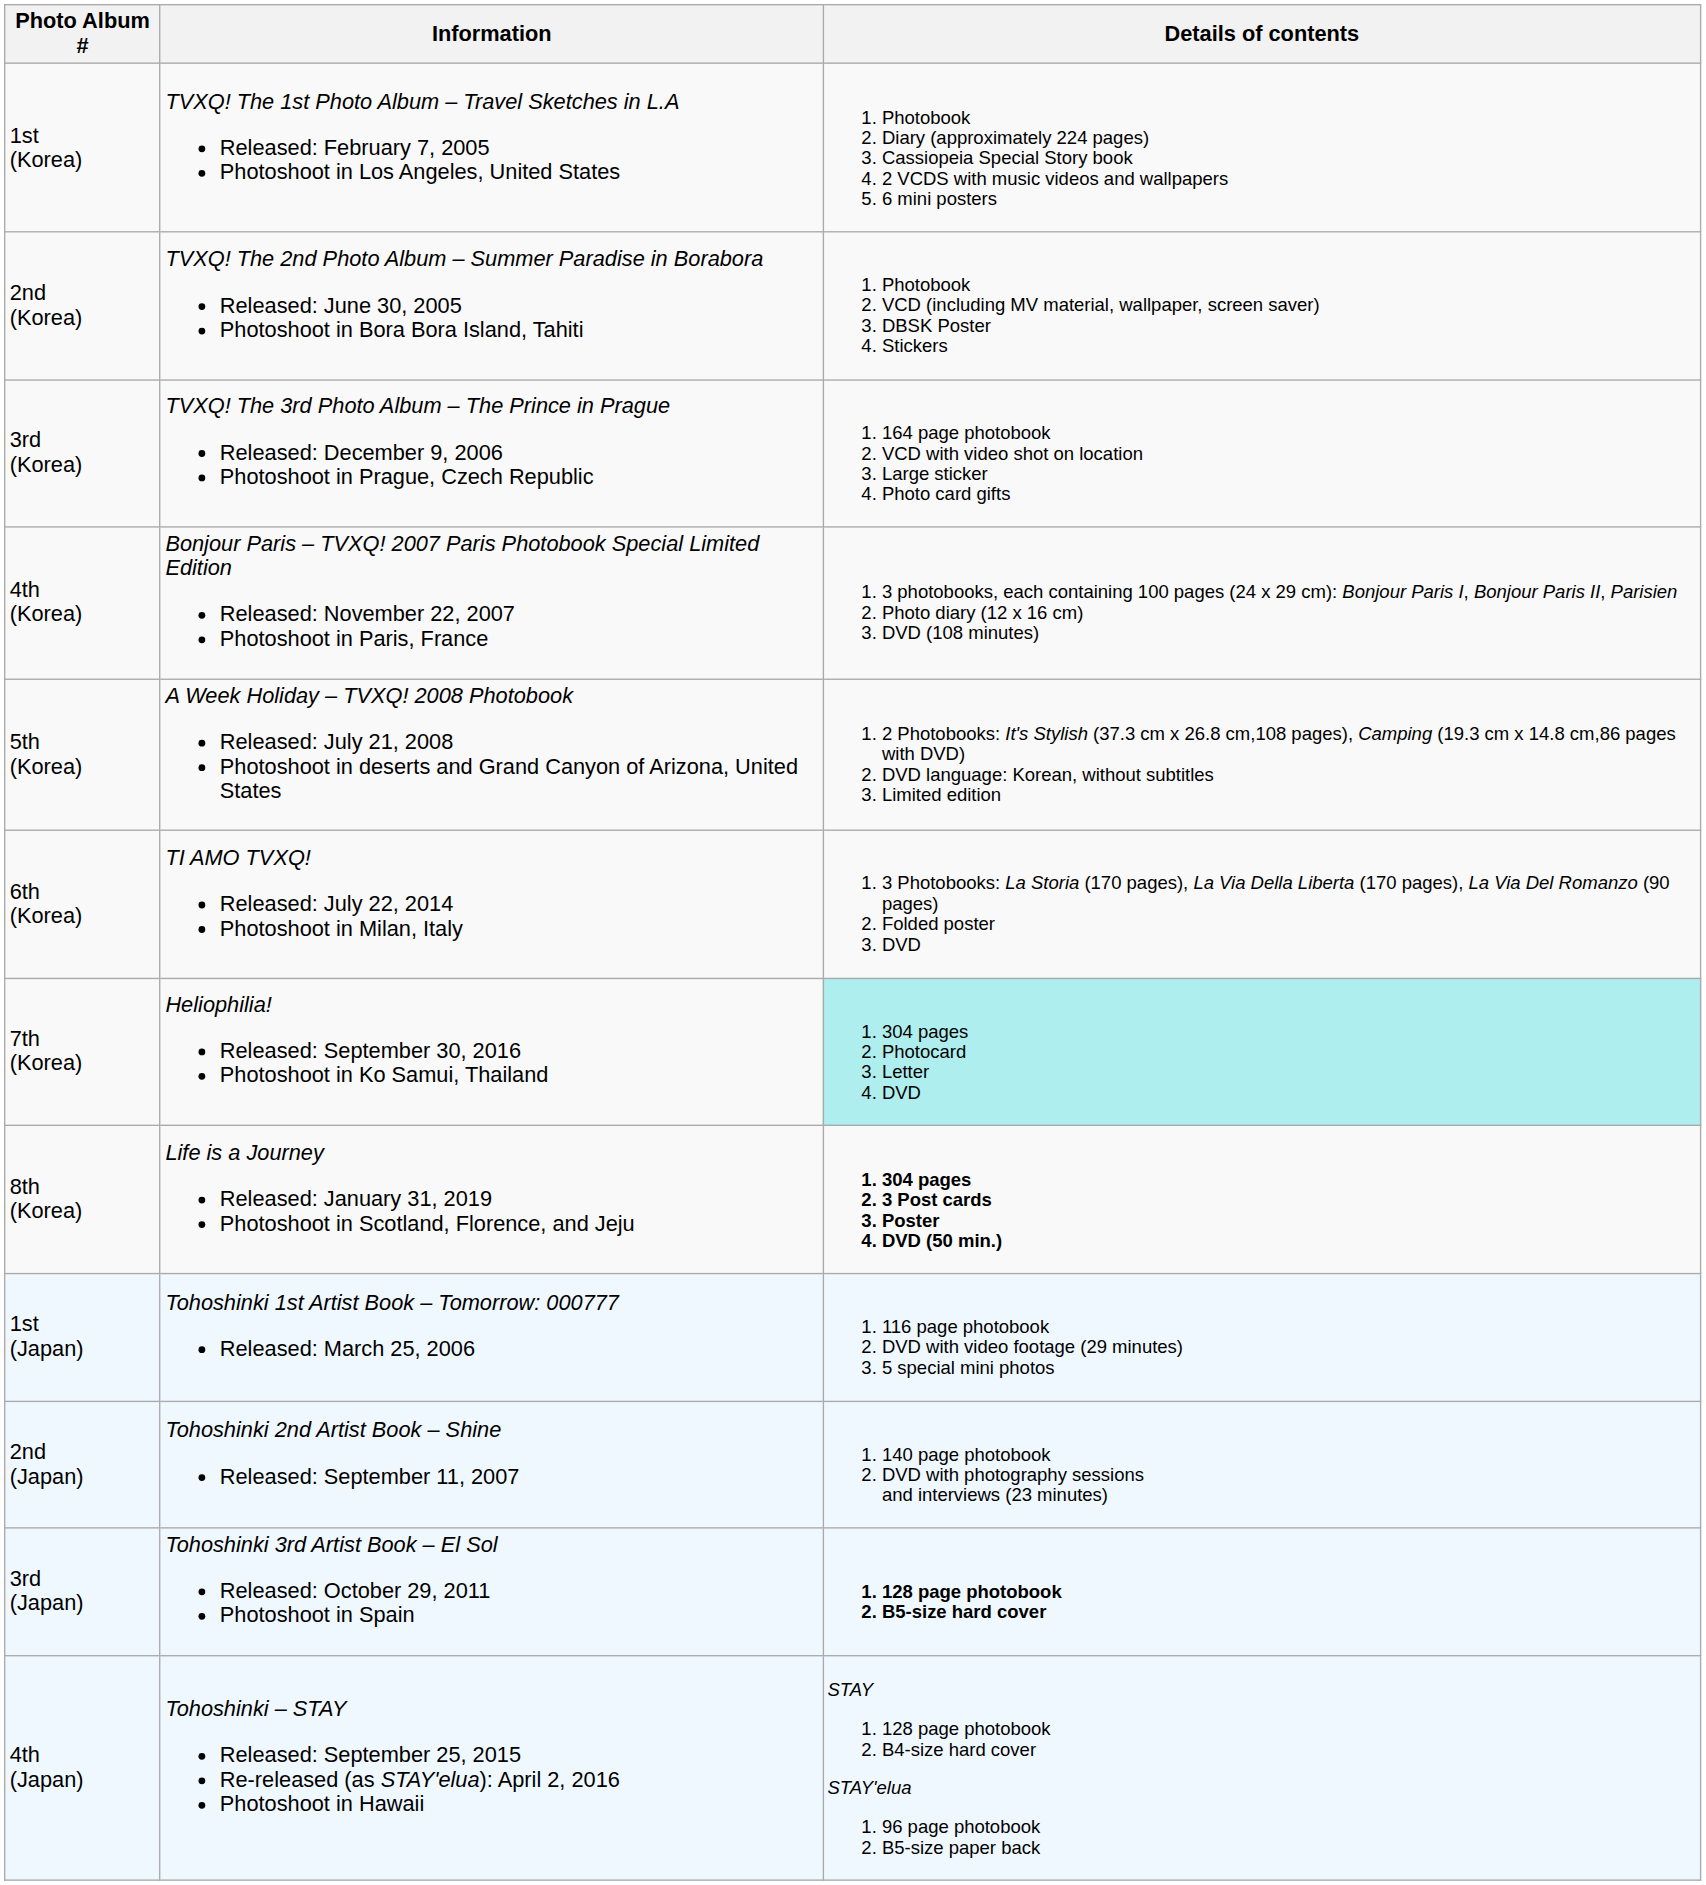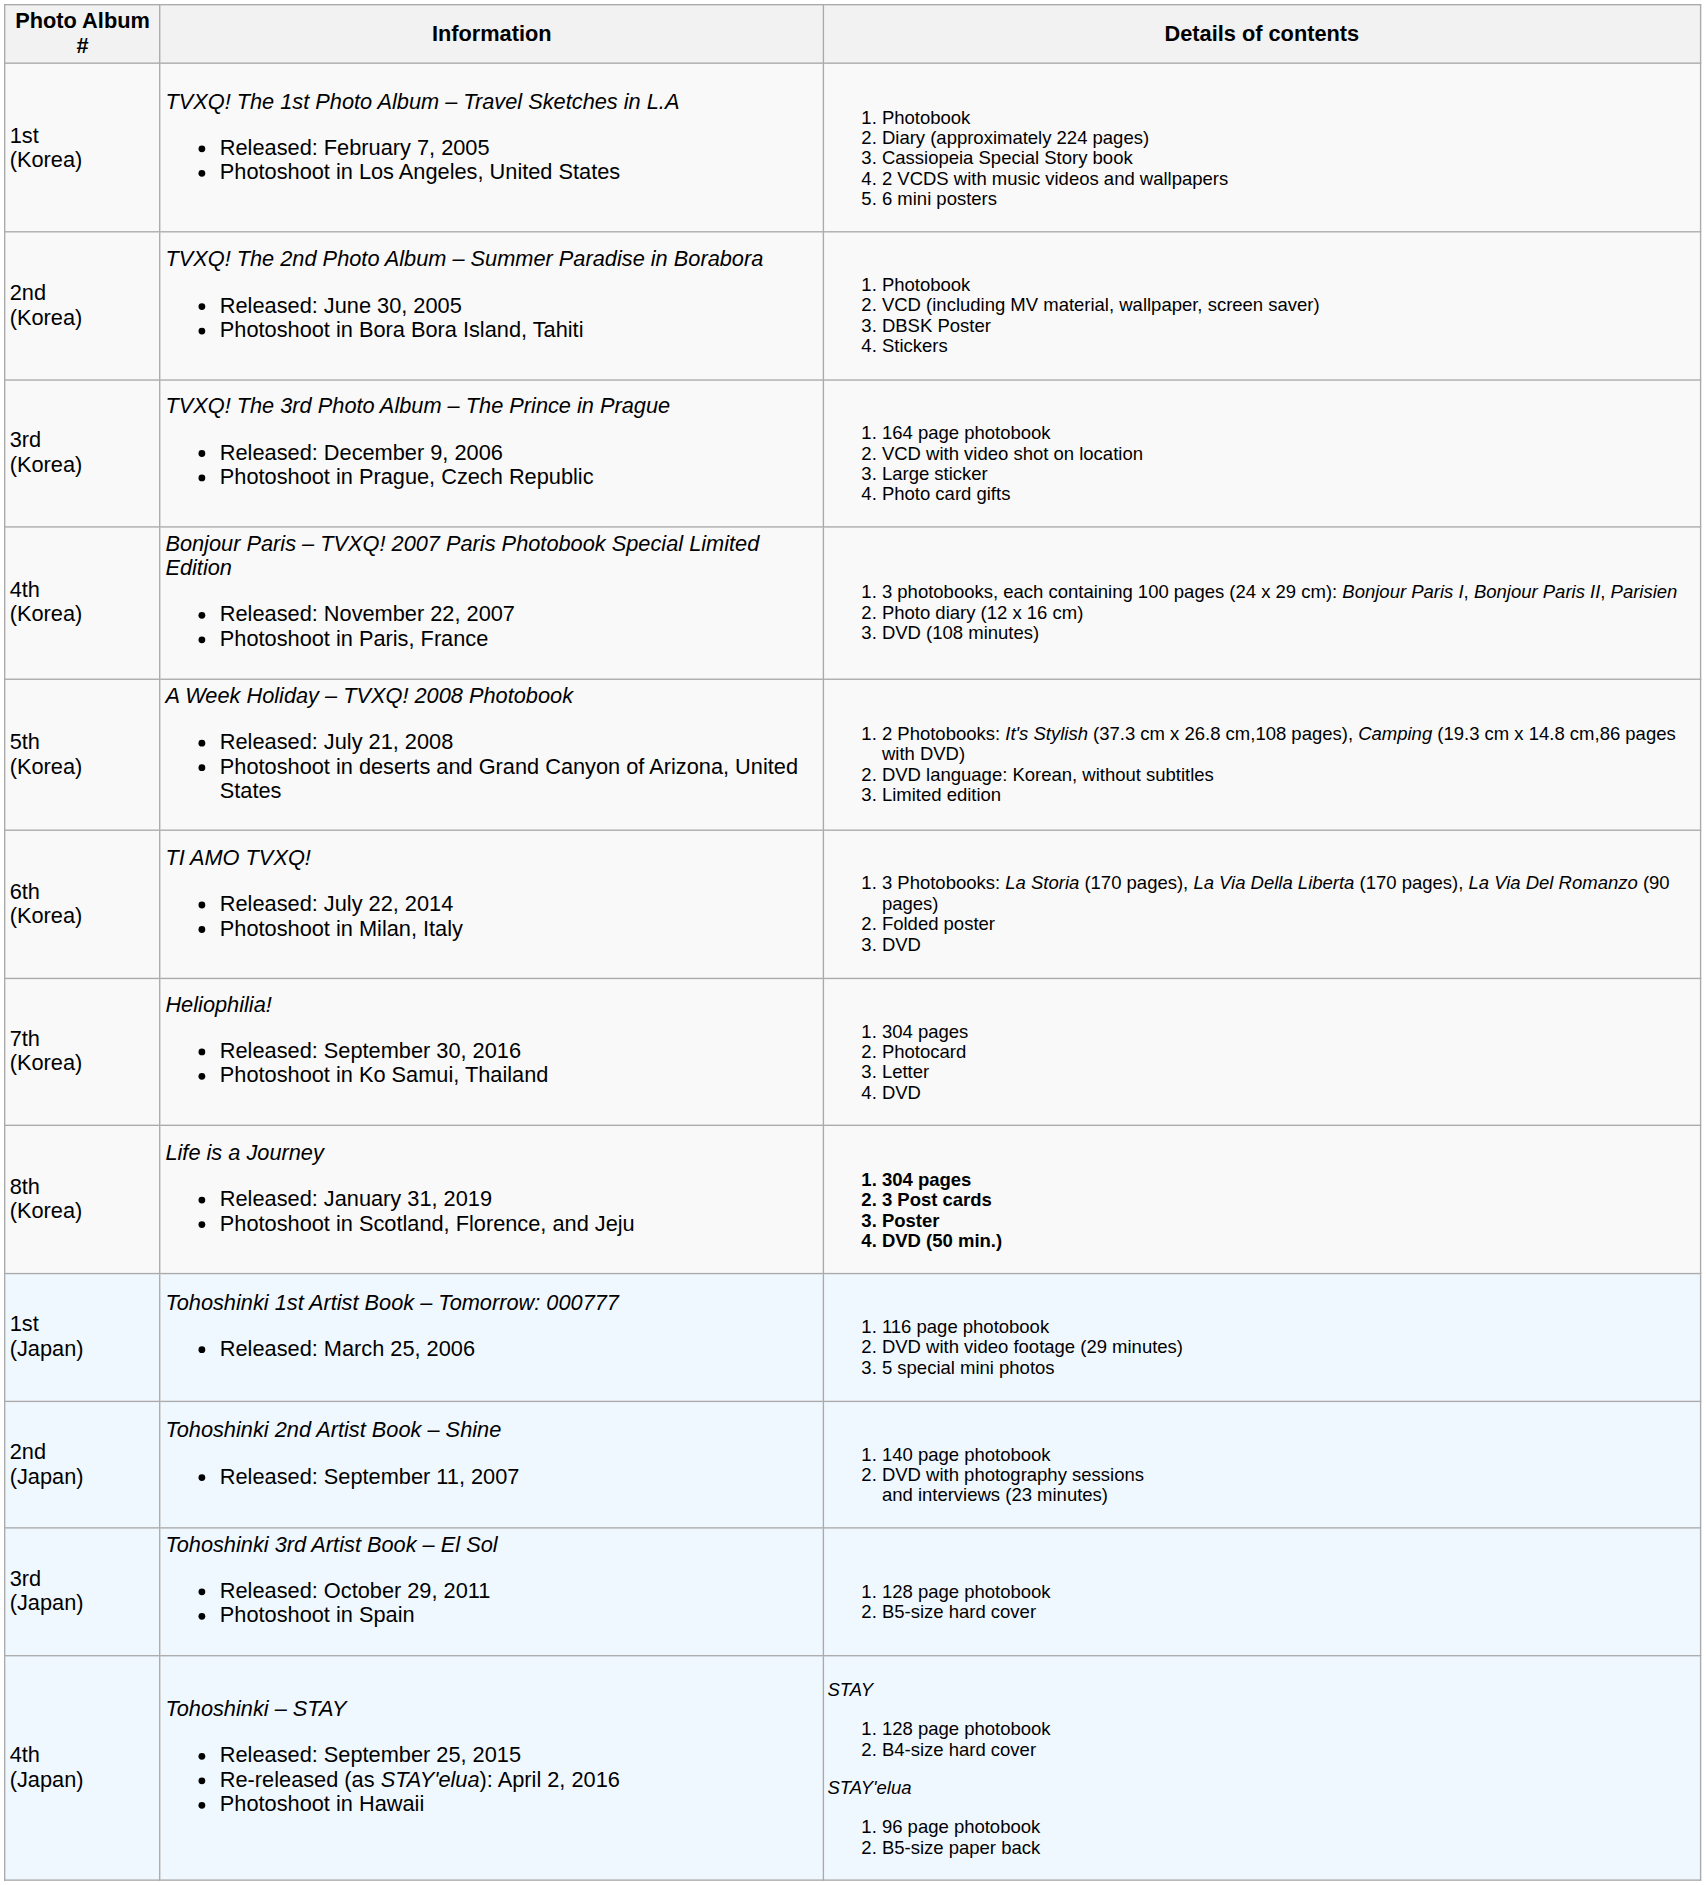 <table class="wikitable">
 <tr>
 <th>Photo Album #</th>
 <th>Information</th>
 <th>Details of contents</th>
 </tr>
 <tr>
 <td>1st <br>(Korea)</td>
 <td><em>TVXQ! The 1st Photo Album – Travel Sketches in L.A</em><br><ul><li>Released: February 7, 2005</li><li>Photoshoot in Los Angeles, United States</li></ul></td>
 <td style="font-size: 85%;"><br><ol><li>Photobook</li><li>Diary (approximately 224 pages)</li><li>Cassiopeia Special Story book</li><li>2 VCDS with music videos and wallpapers</li><li>6 mini posters</li></ol></td>
 </tr>
 <tr>
 <td>2nd <br>(Korea)</td>
 <td><em>TVXQ! The 2nd Photo Album – Summer Paradise in Borabora</em><br><ul><li>Released: June 30, 2005</li><li>Photoshoot in Bora Bora Island, Tahiti</li></ul></td>
 <td style="font-size: 85%;"><br><ol><li>Photobook</li><li>VCD (including MV material, wallpaper, screen saver)</li><li>DBSK Poster</li><li>Stickers</li></ol></td>
 </tr>
 <tr>
 <td>3rd <br>(Korea)</td>
 <td><em>TVXQ! The 3rd Photo Album – The Prince in Prague</em><br><ul><li>Released: December 9, 2006</li><li>Photoshoot in Prague, Czech Republic</li></ul></td>
 <td style="font-size: 85%;"><br><ol><li>164 page photobook</li><li>VCD with video shot on location</li><li>Large sticker</li><li>Photo card gifts</li></ol></td>
 </tr>
 <tr>
 <td>4th <br>(Korea)</td>
 <td><em>Bonjour Paris – TVXQ! 2007 Paris Photobook Special Limited Edition</em><br><ul><li>Released: November 22, 2007</li><li>Photoshoot in Paris, France</li></ul></td>
 <td style="font-size: 85%;"><br><ol><li>3 photobooks, each containing 100 pages (24 x 29 cm): <em>Bonjour Paris I</em>, <em>Bonjour Paris II</em>, <em>Parisien</em></li><li>Photo diary (12 x 16 cm)</li><li>DVD (108 minutes)</li></ol></td>
 </tr>
 <tr>
 <td>5th <br>(Korea)</td>
 <td><em>A Week Holiday – TVXQ! 2008 Photobook</em><br><ul><li>Released: July 21, 2008</li><li>Photoshoot in deserts and Grand Canyon of Arizona, United States</li></ul></td>
 <td style="font-size: 85%;"><br><ol><li>2 Photobooks: <em>It's Stylish</em> (37.3 cm x 26.8 cm,108 pages), <em>Camping</em> (19.3 cm x 14.8 cm,86 pages with DVD)</li><li>DVD language: Korean, without subtitles</li><li>Limited edition</li></ol></td>
 </tr>
 <tr>
 <td>6th <br> (Korea)</td>
 <td><em>TI AMO TVXQ!</em><br><ul><li>Released: July 22, 2014</li><li>Photoshoot in Milan, Italy</li></ul></td>
 <td style="font-size: 85%;"><br><ol><li>3 Photobooks: <em>La Storia</em> (170 pages), <em>La Via Della Liberta</em> (170 pages), <em>La Via Del Romanzo</em> (90 pages)</li><li>Folded poster</li><li>DVD</li></ol></td>
 </tr>
 <tr>
 <td>7th <br> (Korea)</td>
 <td><em>Heliophilia!</em><br><ul><li>Released: September 30, 2016</li><li>Photoshoot in Ko Samui, Thailand</li></ul></td>
-<td style="background: paleturquoise; font-size: 85%;"><br><ol><li>304 pages</li><li>Photocard</li><li>Letter</li><li>DVD</li></ol></td>
+<td style="font-size: 85%;"><br><ol><li>304 pages</li><li>Photocard</li><li>Letter</li><li>DVD</li></ol></td>
 </tr>
 <tr>
 <td>8th <br> (Korea)</td>
 <td><em>Life is a Journey</em><br><ul><li>Released: January 31, 2019</li><li>Photoshoot in Scotland, Florence, and Jeju</li></ul></td>
 <td style="font-size: 85%;"><strong><br><ol><li>304 pages</li><li>3 Post cards</li><li>Poster</li><li>DVD (50 min.)</li></ol></strong></td>
 </tr>
 <tr bgcolor="#F0F8FF">
 <td>1st <br>(Japan)</td>
 <td><em>Tohoshinki 1st Artist Book – Tomorrow: 000777</em><br><ul><li>Released: March 25, 2006</li></ul></td>
 <td style="font-size: 85%;"><br><ol><li>116 page photobook</li><li>DVD with video footage (29 minutes)</li><li>5 special mini photos</li></ol></td>
 </tr>
 <tr bgcolor="#F0F8FF">
 <td>2nd <br>(Japan)</td>
 <td><em>Tohoshinki 2nd Artist Book – Shine</em><br><ul><li>Released: September 11, 2007</li></ul></td>
 <td style="font-size: 85%;"><br><ol><li>140 page photobook</li><li>DVD with photography sessions <br>and interviews (23 minutes)</li></ol></td>
 </tr>
 <tr bgcolor="#F0F8FF">
 <td>3rd <br>(Japan)</td>
 <td><em>Tohoshinki 3rd Artist Book – El Sol</em><br><ul><li>Released: October 29, 2011</li><li>Photoshoot in Spain</li></ul></td>
-<td style="font-size: 85%;"><strong><br><ol><li>128 page photobook</li><li>B5-size hard cover</li></ol></strong></td>
+<td style="font-size: 85%;"><br><ol><li>128 page photobook</li><li>B5-size hard cover</li></ol></td>
 </tr>
 <tr bgcolor="#F0F8FF">
 <td>4th <br>(Japan)</td>
 <td><em>Tohoshinki – STAY</em><br><ul><li>Released: September 25, 2015</li><li>Re-released (as <em>STAY'elua</em>): April 2, 2016</li><li>Photoshoot in Hawaii</li></ul></td>
 <td style="font-size: 85%;"><br><em>STAY</em><ol><li>128 page photobook</li><li>B4-size hard cover</li></ol><em>STAY'elua</em><ol><li>96 page photobook</li><li>B5-size paper back</li></ol></td>
 </tr>
 </table>
